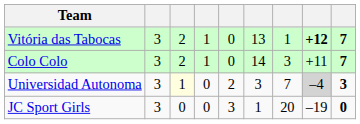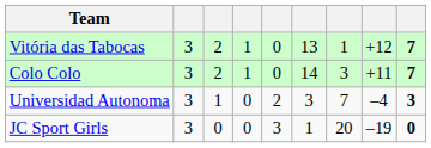 <table class="wikitable" style="text-align: center;">
 <tr>
 <th>Team</th>
 <th width=20></th>
 <th width=20></th>
 <th width=20></th>
 <th width=20></th>
 <th width=25></th>
 <th width=25></th>
 <th width=25></th>
 <th width=20></th>
 </tr>
 <tr bgcolor=ccffcc>
 <td align=left> <a href='#'>Vitória das Tabocas</a></td>
 <td>3</td>
 <td>2</td>
 <td>1</td>
 <td>0</td>
 <td>13</td>
 <td>1</td>
-<td><strong>+12</strong></td>
+<td>+12</td>
 <td><strong>7</strong></td>
 </tr>
 <tr bgcolor=ccffcc>
 <td align=left> <a href='#'>Colo Colo</a></td>
 <td>3</td>
 <td>2</td>
 <td>1</td>
 <td>0</td>
 <td>14</td>
 <td>3</td>
 <td>+11</td>
 <td><strong>7</strong></td>
 </tr>
 <tr>
 <td align=left> <a href='#'>Universidad Autonoma</a></td>
 <td>3</td>
-<td style="background: lightyellow;">1</td>
+<td>1</td>
 <td>0</td>
 <td>2</td>
 <td>3</td>
 <td>7</td>
-<td style="background: lightgrey;">–4</td>
+<td>–4</td>
 <td><strong>3</strong></td>
 </tr>
 <tr>
 <td align=left> <a href='#'>JC Sport Girls</a></td>
 <td>3</td>
 <td>0</td>
 <td>0</td>
 <td>3</td>
 <td>1</td>
 <td>20</td>
 <td>–19</td>
 <td><strong>0</strong></td>
 </tr>
 </table>
